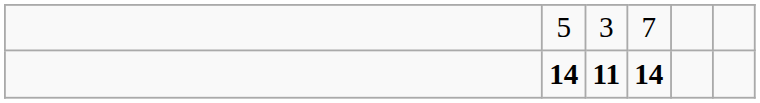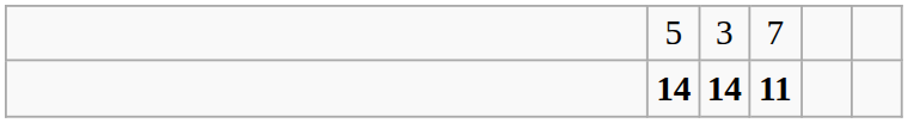 <table class="wikitable">
 <tr>
 <td style="width:18em"></td>
 <td align=center style="width:1em">5</td>
 <td align=center style="width:1em">3</td>
 <td align=center style="width:1em">7</td>
 <td align=center style="width:1em"></td>
 <td align=center style="width:1em"></td>
 </tr>
 <tr>
 <td style="width:18em"><strong></strong></td>
 <td align=center style="width:1em"><strong>14</strong></td>
+<td align=center style="width:1em"><strong>14</strong></td>
 <td align=center style="width:1em"><strong>11</strong></td>
-<td align=center style="width:1em"><strong>14</strong></td>
 <td align=center style="width:1em"></td>
 <td align=center style="width:1em"></td>
 </tr>
 </table>
